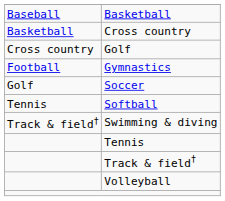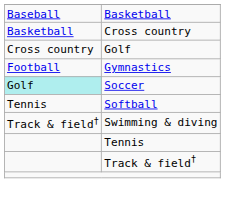 <table class="wikitable" style=" ">
 <tr>
 </tr>
 <tr>
 <td><a href='#'>Baseball</a></td>
 <td><a href='#'>Basketball</a></td>
 </tr>
 <tr>
 <td><a href='#'>Basketball</a></td>
 <td>Cross country</td>
 </tr>
 <tr>
 <td>Cross country</td>
 <td>Golf</td>
 </tr>
 <tr>
 <td><a href='#'>Football</a></td>
 <td><a href='#'>Gymnastics</a></td>
 </tr>
 <tr>
-<td>Golf</td>
+<td style="background: paleturquoise;">Golf</td>
 <td><a href='#'>Soccer</a></td>
 </tr>
 <tr>
 <td>Tennis</td>
 <td><a href='#'>Softball</a></td>
 </tr>
 <tr>
 <td>Track & field<sup>†</sup></td>
 <td>Swimming & diving</td>
 </tr>
 <tr>
 <td></td>
 <td>Tennis</td>
 </tr>
 <tr>
 <td></td>
 <td>Track & field<sup>†</sup></td>
 </tr>
 <tr>
-<td></td>
-<td>Volleyball</td>
-</tr>
-<tr>
 <td colspan="2"></td>
 </tr>
 </table>
